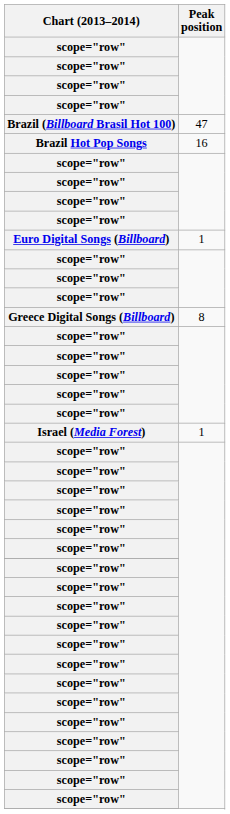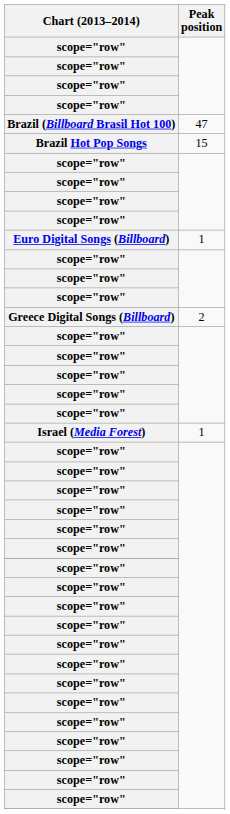 <table class="wikitable sortable plainrowheaders" style="text-align:center">
 <tr>
 <th scope="col">Chart (2013–2014)</th>
 <th scope="col">Peak<br>position</th>
 </tr>
 <tr>
 <th>scope="row" </th>
 </tr>
 <tr>
 <th>scope="row" </th>
 </tr>
 <tr>
 <th>scope="row" </th>
 </tr>
 <tr>
 <th>scope="row" </th>
 </tr>
 <tr>
 <th scope="row">Brazil (<a href='#'><em>Billboard</em> Brasil Hot 100</a>)</th>
 <td style="text-align:center;">47</td>
 </tr>
 <tr>
 <th scope="row">Brazil <a href='#'>Hot Pop Songs</a></th>
-<td style="text-align:center;">16</td>
+<td style="text-align:center;">15</td>
 </tr>
 <tr>
 <th>scope="row" </th>
 </tr>
 <tr>
 <th>scope="row" </th>
 </tr>
 <tr>
 <th>scope="row" </th>
 </tr>
 <tr>
 <th>scope="row" </th>
 </tr>
 <tr>
 <th scope="row"><a href='#'>Euro Digital Songs</a> (<em><a href='#'>Billboard</a></em>)</th>
 <td align=center>1</td>
 </tr>
 <tr>
 <th>scope="row" </th>
 </tr>
 <tr>
 <th>scope="row" </th>
 </tr>
 <tr>
 <th>scope="row" </th>
 </tr>
 <tr>
 <th scope="row">Greece Digital Songs (<em><a href='#'>Billboard</a></em>)</th>
-<td style="text-align:center;">8</td>
+<td style="text-align:center;">2</td>
 </tr>
 <tr>
 <th>scope="row" </th>
 </tr>
 <tr>
 <th>scope="row" </th>
 </tr>
 <tr>
 <th>scope="row" </th>
 </tr>
 <tr>
 <th>scope="row" </th>
 </tr>
 <tr>
 <th>scope="row" </th>
 </tr>
 <tr>
 <th scope="row">Israel (<em><a href='#'>Media Forest</a></em>)</th>
 <td style="text-align:center;">1</td>
 </tr>
 <tr>
 <th>scope="row" </th>
 </tr>
 <tr>
 <th>scope="row" </th>
 </tr>
 <tr>
 <th>scope="row" </th>
 </tr>
 <tr>
 <th>scope="row" </th>
 </tr>
 <tr>
 <th>scope="row" </th>
 </tr>
 <tr>
 <th>scope="row" </th>
 </tr>
 <tr>
 </tr>
 <tr>
 <th>scope="row" </th>
 </tr>
 <tr>
 <th>scope="row" </th>
 </tr>
 <tr>
 <th>scope="row" </th>
 </tr>
 <tr>
 <th>scope="row" </th>
 </tr>
 <tr>
 <th>scope="row" </th>
 </tr>
 <tr>
 <th>scope="row" </th>
 </tr>
 <tr>
 <th>scope="row" </th>
 </tr>
 <tr>
 <th>scope="row" </th>
 </tr>
 <tr>
 <th>scope="row" </th>
 </tr>
 <tr>
 <th>scope="row" </th>
 </tr>
 <tr>
 <th>scope="row" </th>
 </tr>
 <tr>
 <th>scope="row" </th>
 </tr>
 <tr>
 <th>scope="row" </th>
 </tr>
 <tr>
 </tr>
 </table>
